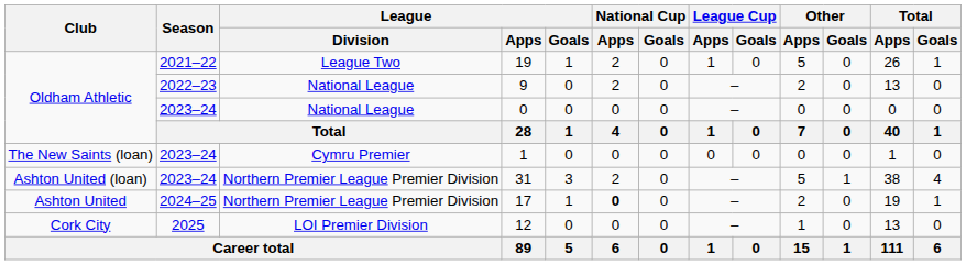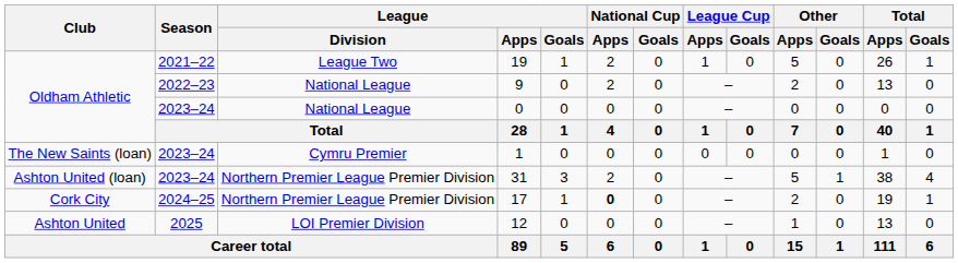 <table class=wikitable style=text-align:center>
 <tr>
 <th rowspan=2>Club</th>
 <th rowspan=2>Season</th>
 <th colspan=3>League</th>
 <th colspan=2>National Cup</th>
 <th colspan=2><a href='#'>League Cup</a></th>
 <th colspan=2>Other</th>
 <th colspan=2>Total</th>
 </tr>
 <tr>
 <th>Division</th>
 <th>Apps</th>
 <th>Goals</th>
 <th>Apps</th>
 <th>Goals</th>
 <th>Apps</th>
 <th>Goals</th>
 <th>Apps</th>
 <th>Goals</th>
 <th>Apps</th>
 <th>Goals</th>
 </tr>
 <tr>
 <td rowspan="4"><a href='#'>Oldham Athletic</a></td>
 <td><a href='#'>2021–22</a></td>
 <td><a href='#'>League Two</a></td>
 <td>19</td>
 <td>1</td>
 <td>2</td>
 <td>0</td>
 <td>1</td>
 <td>0</td>
 <td>5</td>
 <td>0</td>
 <td>26</td>
 <td>1</td>
 </tr>
 <tr>
 <td><a href='#'>2022–23</a></td>
 <td><a href='#'>National League</a></td>
 <td>9</td>
 <td>0</td>
 <td>2</td>
 <td>0</td>
 <td colspan="2">–</td>
 <td>2</td>
 <td>0</td>
 <td>13</td>
 <td>0</td>
 </tr>
 <tr>
 <td><a href='#'>2023–24</a></td>
 <td><a href='#'>National League</a></td>
 <td>0</td>
 <td>0</td>
 <td>0</td>
 <td>0</td>
 <td colspan="2">–</td>
 <td>0</td>
 <td>0</td>
 <td>0</td>
 <td>0</td>
 </tr>
 <tr>
 <th colspan="2">Total</th>
 <th>28</th>
 <th>1</th>
 <th>4</th>
 <th>0</th>
 <th>1</th>
 <th>0</th>
 <th>7</th>
 <th>0</th>
 <th>40</th>
 <th>1</th>
 </tr>
 <tr>
 <td><a href='#'>The New Saints</a> (loan)</td>
 <td><a href='#'>2023–24</a></td>
 <td><a href='#'>Cymru Premier</a></td>
 <td>1</td>
 <td>0</td>
 <td>0</td>
 <td>0</td>
 <td>0</td>
 <td>0</td>
 <td>0</td>
 <td>0</td>
 <td>1</td>
 <td>0</td>
 </tr>
 <tr>
 <td><a href='#'>Ashton United</a> (loan)</td>
 <td><a href='#'>2023–24</a></td>
 <td><a href='#'>Northern Premier League</a> Premier Division</td>
 <td>31</td>
 <td>3</td>
 <td>2</td>
 <td>0</td>
 <td colspan="2">–</td>
 <td>5</td>
 <td>1</td>
 <td>38</td>
 <td>4</td>
 </tr>
 <tr>
-<td><a href='#'>Ashton United</a></td>
+<td><a href='#'>Cork City</a></td>
 <td><a href='#'>2024–25</a></td>
 <td><a href='#'>Northern Premier League</a> Premier Division</td>
 <td>17</td>
 <td>1</td>
 <td><strong>0</strong></td>
 <td>0</td>
 <td colspan="2">–</td>
 <td>2</td>
 <td>0</td>
 <td>19</td>
 <td>1</td>
 </tr>
 <tr>
-<td><a href='#'>Cork City</a></td>
+<td><a href='#'>Ashton United</a></td>
 <td><a href='#'>2025</a></td>
 <td><a href='#'>LOI Premier Division</a></td>
 <td>12</td>
 <td>0</td>
 <td>0</td>
 <td>0</td>
 <td colspan="2">–</td>
 <td>1</td>
 <td>0</td>
 <td>13</td>
 <td>0</td>
 </tr>
 <tr>
 <th colspan="3">Career total</th>
 <th>89</th>
 <th>5</th>
 <th>6</th>
 <th>0</th>
 <th>1</th>
 <th>0</th>
 <th>15</th>
 <th>1</th>
 <th>111</th>
 <th>6</th>
 </tr>
 </table>
